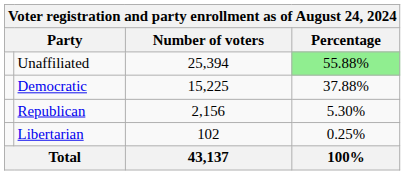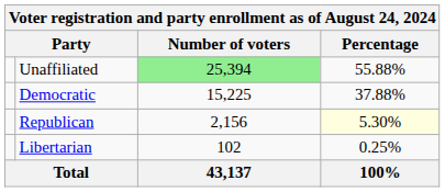 <table class=wikitable>
 <tr>
 <th colspan = 6>Voter registration and party enrollment as of August 24, 2024</th>
 </tr>
 <tr>
 <th colspan = 2>Party</th>
 <th>Number of voters</th>
 <th>Percentage</th>
 </tr>
 <tr>
 <td></td>
 <td>Unaffiliated</td>
-<td style="text-align:center;">25,394</td>
-<td style="background: lightgreen; text-align:center;">55.88%</td>
+<td style="background: lightgreen; text-align:center;">25,394</td>
+<td style="text-align:center;">55.88%</td>
 </tr>
 <tr>
 <td></td>
 <td><a href='#'>Democratic</a></td>
 <td style="text-align:center;">15,225</td>
 <td style="text-align:center;">37.88%</td>
 </tr>
 <tr>
 <td></td>
 <td><a href='#'>Republican</a></td>
 <td style="text-align:center;">2,156</td>
-<td style="text-align:center;">5.30%</td>
+<td style="background: lightyellow; text-align:center;">5.30%</td>
 </tr>
 <tr>
 <td></td>
 <td><a href='#'>Libertarian</a></td>
 <td style="text-align:center;">102</td>
 <td style="text-align:center;">0.25%</td>
 </tr>
 <tr>
 <th colspan = 2>Total</th>
 <th style="text-align:center;">43,137</th>
 <th style="text-align:center;">100%</th>
 </tr>
 </table>
